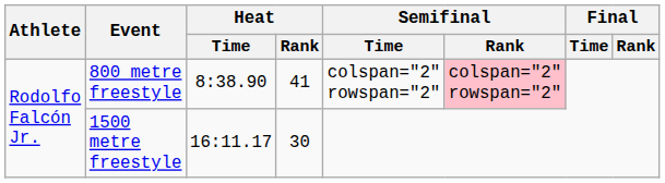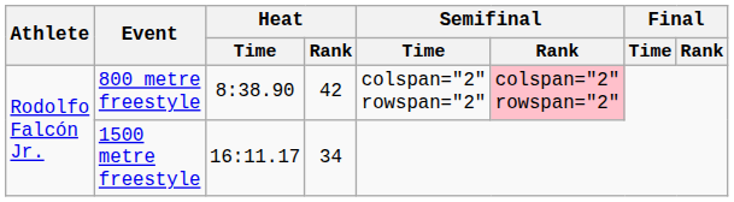 <table class="wikitable" style="text-align:center; font-size:90%; width:50%;">
 <tr>
 <th rowspan="2">Athlete</th>
 <th rowspan="2">Event</th>
 <th colspan="2">Heat</th>
 <th colspan="2">Semifinal</th>
 <th colspan="2">Final</th>
 </tr>
 <tr style="font-size:95%">
 <th>Time</th>
 <th>Rank</th>
 <th>Time</th>
 <th>Rank</th>
 <th>Time</th>
 <th>Rank</th>
 </tr>
 <tr align=center>
 <td align=left rowspan="2"><a href='#'>Rodolfo Falcón Jr.</a></td>
 <td align=left><a href='#'>800 metre freestyle</a></td>
 <td>8:38.90</td>
-<td>41</td>
+<td>42</td>
 <td>colspan="2" rowspan="2" </td>
 <td style="background: pink;">colspan="2" rowspan="2" </td>
 </tr>
 <tr align=center>
 <td align=left><a href='#'>1500 metre freestyle</a></td>
 <td>16:11.17</td>
-<td>30</td>
+<td>34</td>
 </tr>
 </table>
